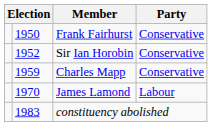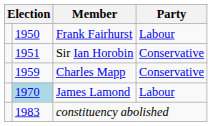 <table class="wikitable">
 <tr>
 <th colspan="2">Election</th>
 <th>Member</th>
 <th>Party</th>
 </tr>
 <tr>
 <td style="color:inherit;background-color: "></td>
 <td><a href='#'>1950</a></td>
 <td><a href='#'>Frank Fairhurst</a></td>
-<td><a href='#'>Conservative</a></td>
+<td><a href='#'>Labour</a></td>
 </tr>
 <tr>
 <td style="color:inherit;background-color: "></td>
-<td><a href='#'>1952</a></td>
+<td><a href='#'>1951</a></td>
 <td>Sir <a href='#'>Ian Horobin</a></td>
 <td><a href='#'>Conservative</a></td>
 </tr>
 <tr>
 <td style="color:inherit;background-color: "></td>
 <td><a href='#'>1959</a></td>
 <td><a href='#'>Charles Mapp</a></td>
 <td><a href='#'>Conservative</a></td>
 </tr>
 <tr>
 <td style="color:inherit;background-color: "></td>
-<td><a href='#'>1970</a></td>
+<td style="background: lightblue;"><a href='#'>1970</a></td>
 <td><a href='#'>James Lamond</a></td>
 <td><a href='#'>Labour</a></td>
 </tr>
 <tr>
 <td></td>
 <td><a href='#'>1983</a></td>
 <td colspan="2"><em>constituency abolished</em></td>
 </tr>
 </table>
